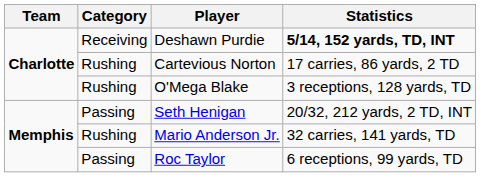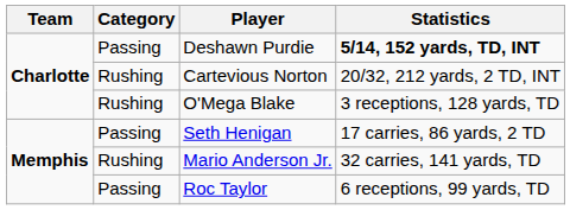 <table class="wikitable" style="float: right;">
 <tr>
 <th>Team</th>
 <th>Category</th>
 <th>Player</th>
 <th>Statistics</th>
 </tr>
 <tr>
 <td rowspan=3><strong>Charlotte</strong></td>
-<td>Receiving</td>
+<td>Passing</td>
 <td>Deshawn Purdie</td>
 <td><strong>5/14, 152 yards, TD, INT</strong></td>
 </tr>
 <tr>
 <td>Rushing</td>
 <td>Cartevious Norton</td>
-<td>17 carries, 86 yards, 2 TD</td>
+<td>20/32, 212 yards, 2 TD, INT</td>
 </tr>
 <tr>
 <td>Rushing</td>
 <td>O'Mega Blake</td>
 <td>3 receptions, 128 yards, TD</td>
 </tr>
 <tr>
 <td rowspan=3><strong>Memphis</strong></td>
 <td>Passing</td>
 <td><a href='#'>Seth Henigan</a></td>
-<td>20/32, 212 yards, 2 TD, INT</td>
+<td>17 carries, 86 yards, 2 TD</td>
 </tr>
 <tr>
 <td>Rushing</td>
 <td><a href='#'>Mario Anderson Jr.</a></td>
 <td>32 carries, 141 yards, TD</td>
 </tr>
 <tr>
 <td>Passing</td>
 <td><a href='#'>Roc Taylor</a></td>
 <td>6 receptions, 99 yards, TD</td>
 </tr>
 </table>
